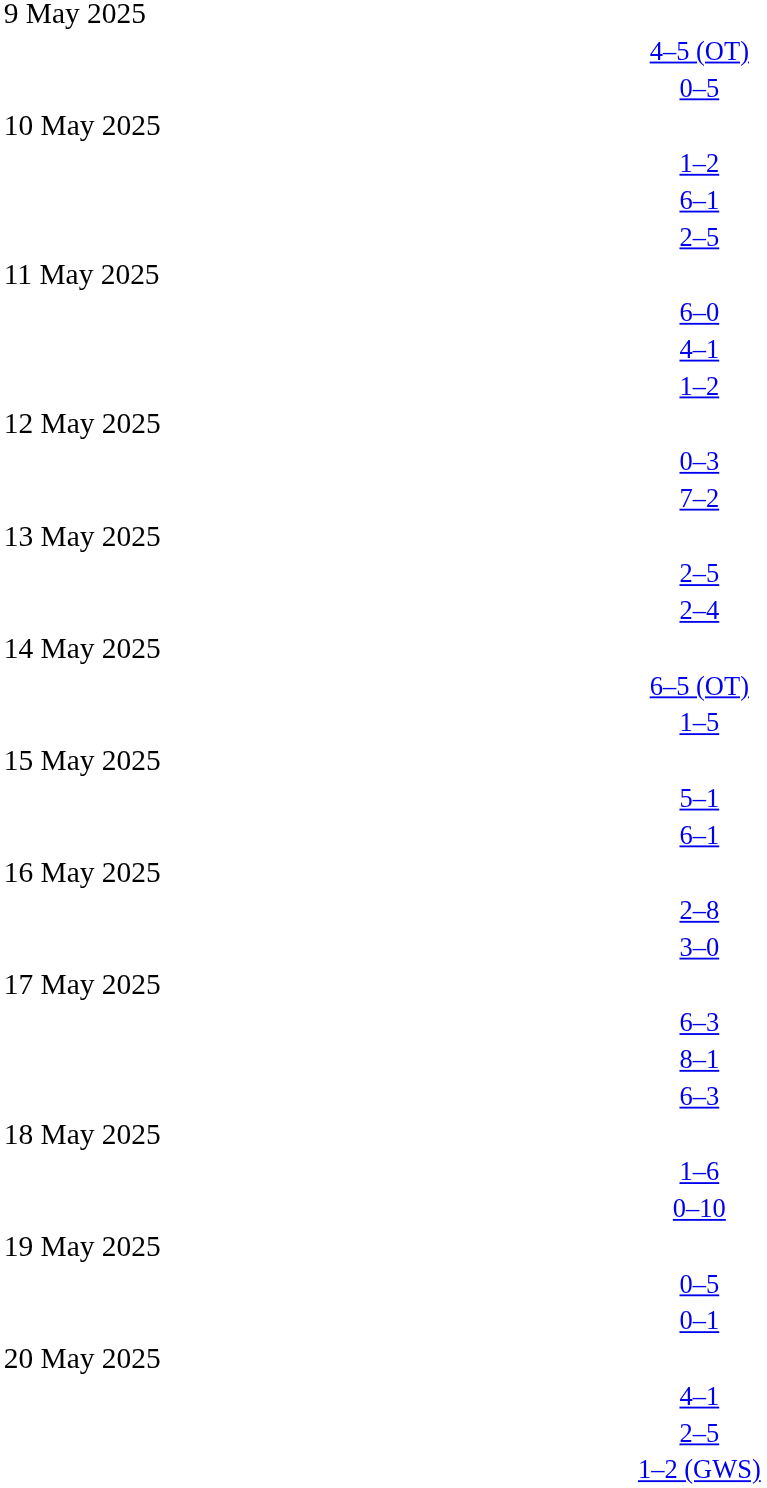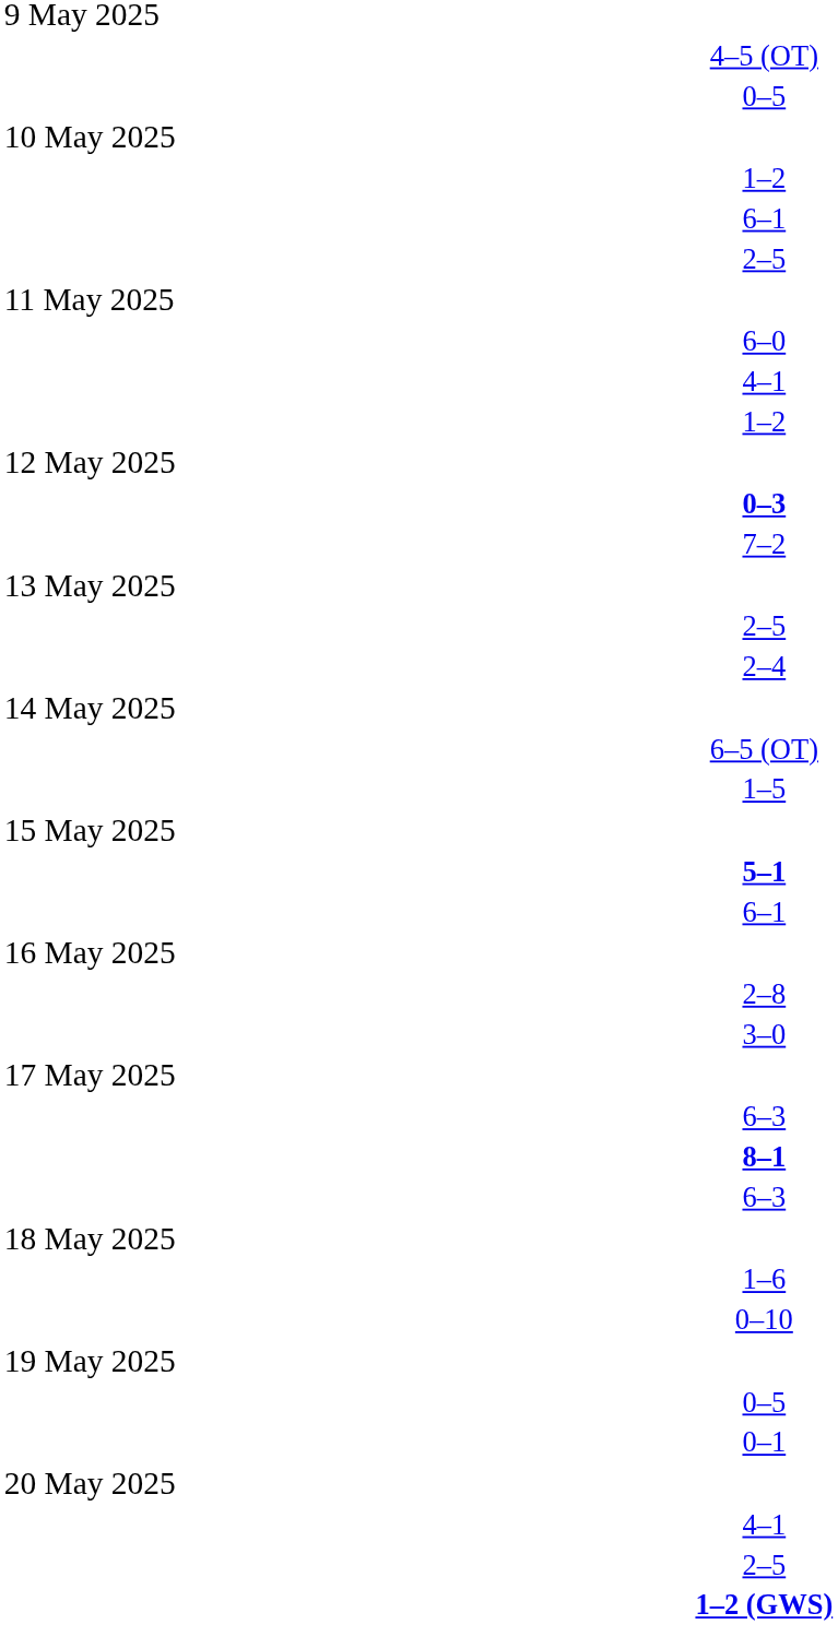 <table style="width:100%;" cellspacing="1">
 <tr>
 <th width=25%></th>
 <th width=2%></th>
 <th width=6%></th>
 <th width=2%></th>
 <th width=25%></th>
 </tr>
 <tr>
 <td>9 May 2025</td>
 </tr>
 <tr style=font-size:90%>
 <td align=right></td>
 <td></td>
 <td align=center><a href='#'>4–5 (OT)</a></td>
 <td></td>
 <td></td>
 <td></td>
 </tr>
 <tr style=font-size:90%>
 <td align=right></td>
 <td></td>
 <td align=center><a href='#'>0–5</a></td>
 <td></td>
 <td></td>
 <td></td>
 </tr>
 <tr>
 <td>10 May 2025</td>
 </tr>
 <tr style=font-size:90%>
 <td align=right></td>
 <td></td>
 <td align=center><a href='#'>1–2</a></td>
 <td></td>
 <td></td>
 <td></td>
 </tr>
 <tr style=font-size:90%>
 <td align=right></td>
 <td></td>
 <td align=center><a href='#'>6–1</a></td>
 <td></td>
 <td></td>
 <td></td>
 </tr>
 <tr style=font-size:90%>
 <td align=right></td>
 <td></td>
 <td align=center><a href='#'>2–5</a></td>
 <td></td>
 <td></td>
 <td></td>
 </tr>
 <tr>
 <td>11 May 2025</td>
 </tr>
 <tr style=font-size:90%>
 <td align=right></td>
 <td></td>
 <td align=center><a href='#'>6–0</a></td>
 <td></td>
 <td></td>
 <td></td>
 </tr>
 <tr style=font-size:90%>
 <td align=right></td>
 <td></td>
 <td align=center><a href='#'>4–1</a></td>
 <td></td>
 <td></td>
 <td></td>
 </tr>
 <tr style=font-size:90%>
 <td align=right></td>
 <td></td>
 <td align=center><a href='#'>1–2</a></td>
 <td></td>
 <td></td>
 <td></td>
 </tr>
 <tr>
 <td>12 May 2025</td>
 </tr>
 <tr style=font-size:90%>
 <td align=right></td>
 <td></td>
-<td align=center><a href='#'>0–3</a></td>
+<td align=center><strong><a href='#'>0–3</a></strong></td>
 <td></td>
 <td></td>
 <td></td>
 </tr>
 <tr style=font-size:90%>
 <td align=right></td>
 <td></td>
 <td align=center><a href='#'>7–2</a></td>
 <td></td>
 <td></td>
 <td></td>
 </tr>
 <tr>
 <td>13 May 2025</td>
 </tr>
 <tr style=font-size:90%>
 <td align=right></td>
 <td></td>
 <td align=center><a href='#'>2–5</a></td>
 <td></td>
 <td></td>
 <td></td>
 </tr>
 <tr style=font-size:90%>
 <td align=right></td>
 <td></td>
 <td align=center><a href='#'>2–4</a></td>
 <td></td>
 <td></td>
 <td></td>
 </tr>
 <tr>
 <td>14 May 2025</td>
 </tr>
 <tr style=font-size:90%>
 <td align=right></td>
 <td></td>
 <td align=center><a href='#'>6–5 (OT)</a></td>
 <td></td>
 <td></td>
 <td></td>
 </tr>
 <tr style=font-size:90%>
 <td align=right></td>
 <td></td>
 <td align=center><a href='#'>1–5</a></td>
 <td></td>
 <td></td>
 <td></td>
 </tr>
 <tr>
 <td>15 May 2025</td>
 </tr>
 <tr style=font-size:90%>
 <td align=right></td>
 <td></td>
-<td align=center><a href='#'>5–1</a></td>
+<td align=center><strong><a href='#'>5–1</a></strong></td>
 <td></td>
 <td></td>
 <td></td>
 </tr>
 <tr style=font-size:90%>
 <td align=right></td>
 <td></td>
 <td align=center><a href='#'>6–1</a></td>
 <td></td>
 <td></td>
 <td></td>
 </tr>
 <tr>
 <td>16 May 2025</td>
 </tr>
 <tr style=font-size:90%>
 <td align=right></td>
 <td></td>
 <td align=center><a href='#'>2–8</a></td>
 <td></td>
 <td></td>
 <td></td>
 </tr>
 <tr style=font-size:90%>
 <td align=right></td>
 <td></td>
 <td align=center><a href='#'>3–0</a></td>
 <td></td>
 <td></td>
 <td></td>
 </tr>
 <tr>
 <td>17 May 2025</td>
 </tr>
 <tr style=font-size:90%>
 <td align=right></td>
 <td></td>
 <td align=center><a href='#'>6–3</a></td>
 <td></td>
 <td></td>
 <td></td>
 </tr>
 <tr style=font-size:90%>
 <td align=right></td>
 <td></td>
-<td align=center><a href='#'>8–1</a></td>
+<td align=center><strong><a href='#'>8–1</a></strong></td>
 <td></td>
 <td></td>
 <td></td>
 </tr>
 <tr style=font-size:90%>
 <td align=right></td>
 <td></td>
 <td align=center><a href='#'>6–3</a></td>
 <td></td>
 <td></td>
 <td></td>
 </tr>
 <tr>
 <td>18 May 2025</td>
 </tr>
 <tr style=font-size:90%>
 <td align=right></td>
 <td></td>
 <td align=center><a href='#'>1–6</a></td>
 <td></td>
 <td></td>
 <td></td>
 </tr>
 <tr style=font-size:90%>
 <td align=right></td>
 <td></td>
 <td align=center><a href='#'>0–10</a></td>
 <td></td>
 <td></td>
 <td></td>
 </tr>
 <tr>
 <td>19 May 2025</td>
 </tr>
 <tr style=font-size:90%>
 <td align=right></td>
 <td></td>
 <td align=center><a href='#'>0–5</a></td>
 <td></td>
 <td></td>
 <td></td>
 </tr>
 <tr style=font-size:90%>
 <td align=right></td>
 <td></td>
 <td align=center><a href='#'>0–1</a></td>
 <td></td>
 <td></td>
 <td></td>
 </tr>
 <tr>
 <td>20 May 2025</td>
 </tr>
 <tr style=font-size:90%>
 <td align=right></td>
 <td></td>
 <td align=center><a href='#'>4–1</a></td>
 <td></td>
 <td></td>
 <td></td>
 </tr>
 <tr style=font-size:90%>
 <td align=right></td>
 <td></td>
 <td align=center><a href='#'>2–5</a></td>
 <td></td>
 <td></td>
 <td></td>
 </tr>
 <tr style=font-size:90%>
 <td align=right></td>
 <td></td>
-<td align=center><a href='#'>1–2 (GWS)</a></td>
+<td align=center><strong><a href='#'>1–2 (GWS)</a></strong></td>
 <td></td>
 <td></td>
 <td></td>
 </tr>
 </table>
